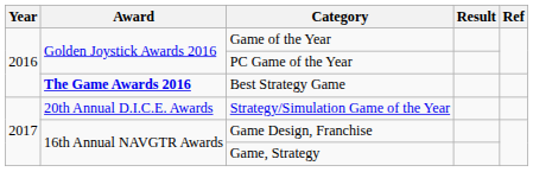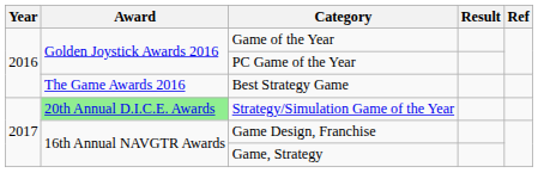 <table class="wikitable sortable">
 <tr>
 <th>Year</th>
 <th>Award</th>
 <th>Category</th>
 <th>Result</th>
 <th>Ref</th>
 </tr>
 <tr>
 <td rowspan="3" style="text-align:center;">2016</td>
 <td rowspan="2"><a href='#'>Golden Joystick Awards 2016</a></td>
 <td>Game of the Year</td>
 <td></td>
 <td rowspan="2"></td>
 </tr>
 <tr>
 <td>PC Game of the Year</td>
 <td></td>
 </tr>
 <tr>
-<td><strong><a href='#'>The Game Awards 2016</a></strong></td>
+<td><a href='#'>The Game Awards 2016</a></td>
 <td>Best Strategy Game</td>
 <td></td>
 <td></td>
 </tr>
 <tr>
 <td rowspan="3">2017</td>
-<td><a href='#'>20th Annual D.I.C.E. Awards</a></td>
+<td style="background: lightgreen;"><a href='#'>20th Annual D.I.C.E. Awards</a></td>
 <td><a href='#'>Strategy/Simulation Game of the Year</a></td>
 <td></td>
 <td></td>
 </tr>
 <tr>
 <td rowspan="2">16th Annual NAVGTR Awards</td>
 <td>Game Design, Franchise</td>
 <td></td>
 <td rowspan="3"></td>
 </tr>
 <tr>
 <td>Game, Strategy</td>
 <td></td>
 </tr>
 </table>
